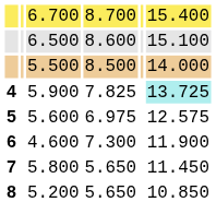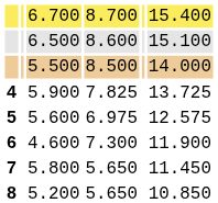 <table>
 <tr bgcolor=fbec5d>
 <th scope=row style="text-align:center"></th>
 <td align=left></td>
 <td>6.700</td>
 <td>8.700</td>
 <td></td>
 <td>15.400</td>
 </tr>
 <tr bgcolor=e5e5e5>
 <th scope=row style="text-align:center"></th>
 <td align=left></td>
 <td>6.500</td>
 <td>8.600</td>
 <td></td>
 <td>15.100</td>
 </tr>
 <tr bgcolor=eecc99>
 <th scope=row style="text-align:center"></th>
 <td align=left></td>
 <td>5.500</td>
 <td>8.500</td>
 <td></td>
 <td>14.000</td>
 </tr>
 <tr>
 <th scope=row style="text-align:center">4</th>
 <td align=left></td>
 <td>5.900</td>
 <td>7.825</td>
 <td></td>
-<td style="background: paleturquoise;">13.725</td>
+<td>13.725</td>
 </tr>
 <tr>
 <th scope=row style="text-align:center">5</th>
 <td align=left></td>
 <td>5.600</td>
 <td>6.975</td>
 <td></td>
 <td>12.575</td>
 </tr>
 <tr>
 <th scope=row style="text-align:center">6</th>
 <td align=left></td>
 <td>4.600</td>
 <td>7.300</td>
 <td></td>
 <td>11.900</td>
 </tr>
 <tr>
 <th scope=row style="text-align:center">7</th>
 <td align=left></td>
 <td>5.800</td>
 <td>5.650</td>
 <td></td>
 <td>11.450</td>
 </tr>
 <tr>
 <th scope=row style="text-align:center">8</th>
 <td align=left></td>
 <td>5.200</td>
 <td>5.650</td>
 <td></td>
 <td>10.850</td>
 </tr>
 <tr>
 </tr>
 </table>
